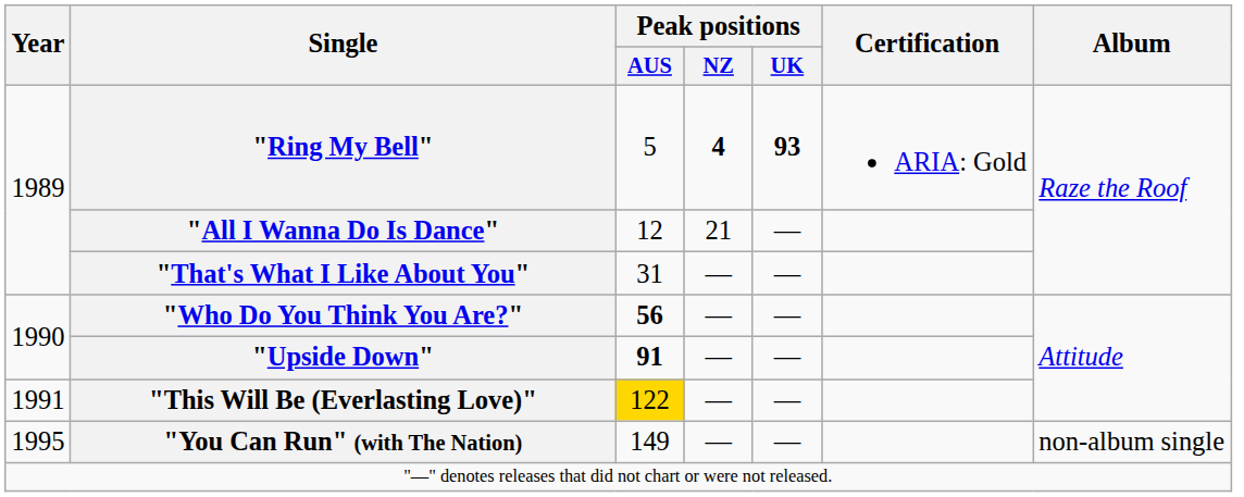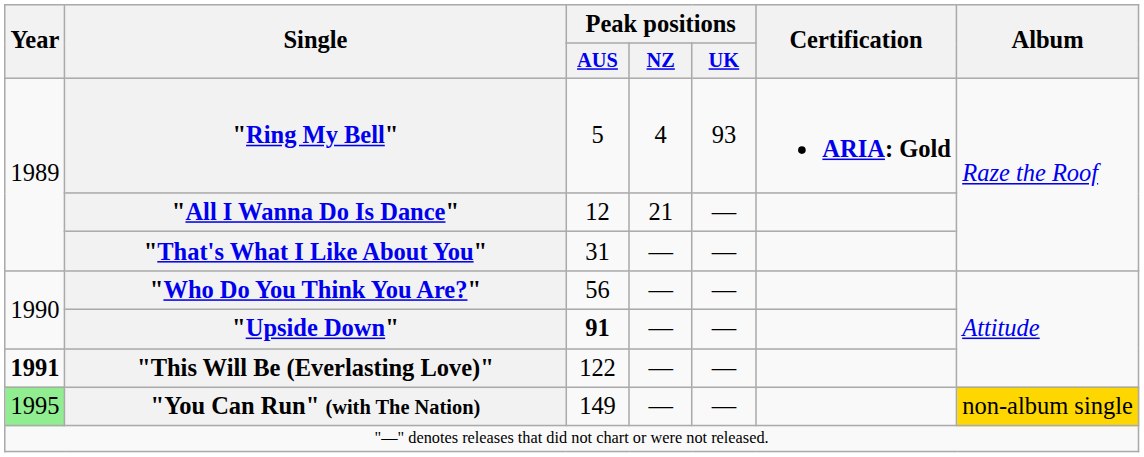 <table class="wikitable plainrowheaders" style="text-align:center;">
 <tr>
 <th rowspan="2">Year</th>
 <th rowspan="2" style="width:20em;">Single</th>
 <th colspan="3">Peak positions</th>
 <th rowspan="2">Certification</th>
 <th rowspan="2">Album</th>
 </tr>
 <tr style="font-size:smaller;">
 <th style="width:35px;"><a href='#'>AUS</a><br></th>
 <th style="width:35px;"><a href='#'>NZ</a><br></th>
 <th style="width:35px;"><a href='#'>UK</a><br></th>
 </tr>
 <tr>
 <td rowspan="3">1989</td>
 <th scope="row">"<a href='#'>Ring My Bell</a>"</th>
 <td>5</td>
-<td><strong>4</strong></td>
-<td><strong>93</strong></td>
-<td><br><ul><li><a href='#'>ARIA</a>: Gold</li></ul></td>
+<td>4</td>
+<td>93</td>
+<td><strong><br><ul><li><a href='#'>ARIA</a>: Gold</li></ul></strong></td>
 <td style="text-align:left;" rowspan="3"><em><a href='#'>Raze the Roof</a></em></td>
 </tr>
 <tr>
 <th scope="row">"<a href='#'>All I Wanna Do Is Dance</a>"</th>
 <td>12</td>
 <td>21</td>
 <td>—</td>
 <td></td>
 </tr>
 <tr>
 <th scope="row">"<a href='#'>That's What I Like About You</a>"</th>
 <td>31</td>
 <td>—</td>
 <td>—</td>
 <td></td>
 </tr>
 <tr>
 <td rowspan="2">1990</td>
 <th scope="row">"<a href='#'>Who Do You Think You Are?</a>"</th>
-<td><strong>56</strong></td>
+<td>56</td>
 <td>—</td>
 <td>—</td>
 <td></td>
 <td style="text-align:left;" rowspan="3"><em><a href='#'>Attitude</a></em></td>
 </tr>
 <tr>
 <th scope="row">"<a href='#'>Upside Down</a>"</th>
 <td><strong>91</strong></td>
 <td>—</td>
 <td>—</td>
 <td></td>
 </tr>
 <tr>
-<td rowspan="1">1991</td>
+<td rowspan="1"><strong>1991</strong></td>
 <th scope="row">"This Will Be (Everlasting Love)"</th>
-<td style="background: gold;">122</td>
+<td>122</td>
 <td>—</td>
 <td>—</td>
 <td></td>
 </tr>
 <tr>
-<td rowspan="1">1995</td>
+<td rowspan="1" style="background: lightgreen;">1995</td>
 <th scope="row">"You Can Run" <small>(with The Nation)</small></th>
 <td>149</td>
 <td>—</td>
 <td>—</td>
 <td></td>
-<td style="text-align:left;" rowspan="1">non-album single</td>
+<td style="background: gold; text-align:left;" rowspan="1">non-album single</td>
 </tr>
 <tr>
 <td colspan="17" style="text-align:center; font-size:8pt;">"—" denotes releases that did not chart or were not released.</td>
 </tr>
 </table>
